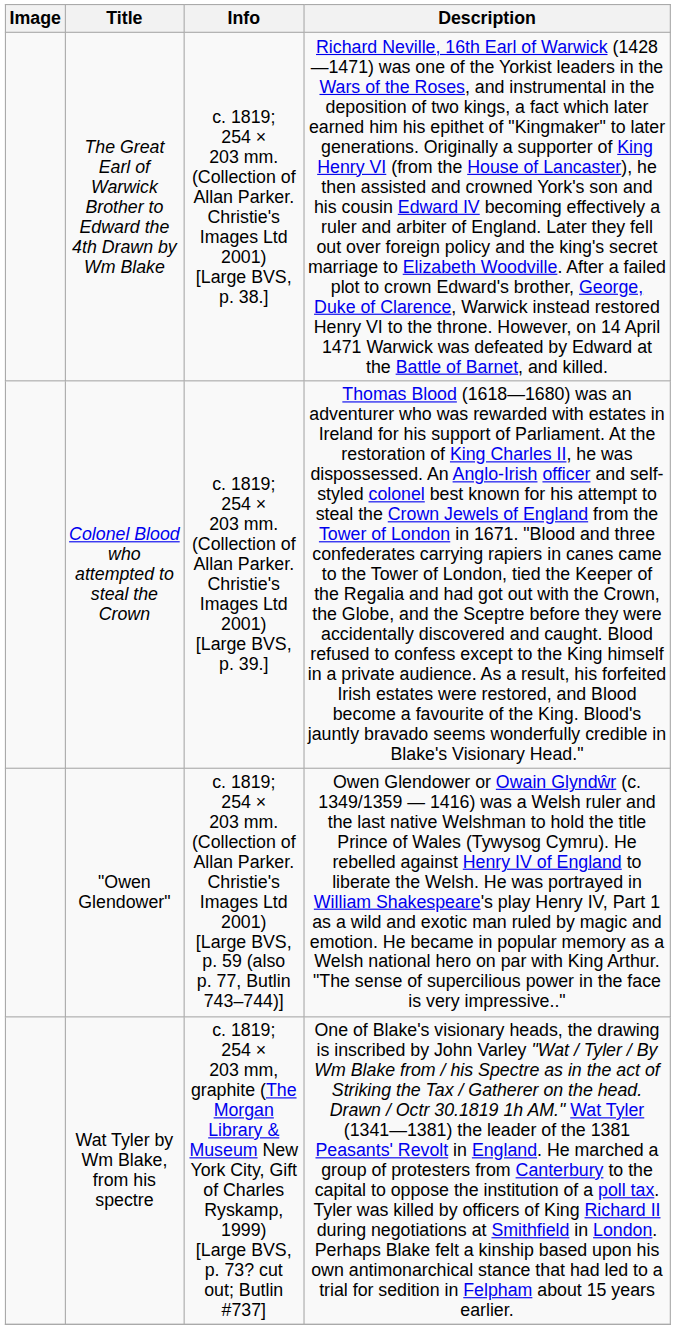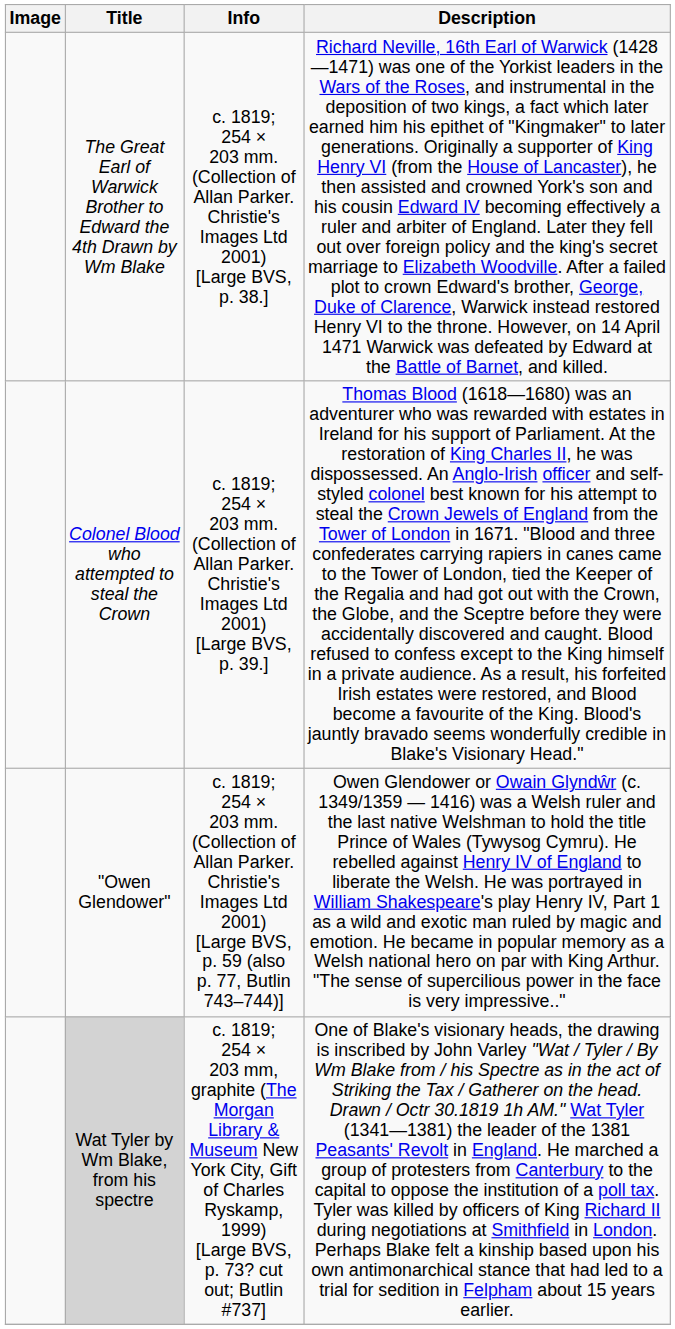 <table class="wikitable" style="margin-left:0.5em; text-align:center">
 <tr>
 <th>Image</th>
 <th>Title</th>
 <th>Info</th>
 <th>Description</th>
 </tr>
 <tr>
 <td></td>
 <td><em>The Great Earl of Warwick Brother to Edward the 4th Drawn by Wm Blake</em></td>
 <td>c. 1819; <br> 254 × 203 mm.  (Collection of Allan Parker. Christie's Images Ltd 2001)<br> [Large BVS, p. 38.]</td>
 <td><a href='#'>Richard Neville, 16th Earl of Warwick</a> (1428—1471) was one of the Yorkist leaders in the <a href='#'>Wars of the Roses</a>, and instrumental in the deposition of two kings, a fact which later earned him his epithet of "Kingmaker" to later generations. Originally a supporter of <a href='#'>King Henry VI</a> (from the <a href='#'>House of Lancaster</a>), he then assisted and crowned York's son and his cousin <a href='#'>Edward IV</a> becoming effectively a ruler and arbiter of England. Later they fell out over foreign policy and the king's secret marriage to <a href='#'>Elizabeth Woodville</a>. After a failed plot to crown Edward's brother, <a href='#'>George, Duke of Clarence</a>, Warwick instead restored Henry VI to the throne. However, on 14 April 1471 Warwick was defeated by Edward at the <a href='#'>Battle of Barnet</a>, and killed.</td>
 </tr>
 <tr>
 <td></td>
 <td><em><a href='#'>Colonel Blood</a> who attempted to steal the Crown</em></td>
 <td>c. 1819; <br> 254 × 203 mm.    (Collection of Allan Parker. Christie's Images Ltd 2001)<br> [Large BVS, p. 39.]</td>
 <td><a href='#'>Thomas Blood</a> (1618—1680) was an adventurer who was rewarded with estates in Ireland for his support of Parliament. At the restoration of <a href='#'>King Charles II</a>, he was dispossessed. An <a href='#'>Anglo-Irish</a> <a href='#'>officer</a> and self-styled <a href='#'>colonel</a> best known for his attempt to steal the <a href='#'>Crown Jewels of England</a> from the <a href='#'>Tower of London</a> in 1671. "Blood and three confederates carrying rapiers in canes came to the Tower of London, tied the Keeper of the Regalia and had got out with the Crown, the Globe, and the Sceptre before they were accidentally discovered and caught. Blood refused to confess except to the King himself in a private audience. As a result, his forfeited Irish estates were restored, and Blood become a favourite of the King. Blood's jauntly bravado seems wonderfully credible in Blake's Visionary Head."</td>
 </tr>
 <tr>
 <td></td>
 <td>"Owen Glendower"</td>
 <td>c. 1819; <br> 254 × 203 mm.  (Collection of Allan Parker. Christie's Images Ltd 2001)<br> [Large BVS, p. 59 (also p. 77, Butlin 743–744)]</td>
 <td>Owen Glendower or <a href='#'>Owain Glyndŵr</a> (c. 1349/1359 — 1416) was a Welsh ruler and the last native Welshman to hold the title Prince of Wales (Tywysog Cymru). He rebelled against <a href='#'>Henry IV of England</a> to liberate the Welsh. He was portrayed in <a href='#'>William Shakespeare</a>'s play Henry IV, Part 1 as a wild and exotic man ruled by magic and emotion. He became in popular memory as a Welsh national hero on par with King Arthur. "The sense of supercilious power in the face is very impressive.."</td>
 </tr>
 <tr>
 <td></td>
-<td>Wat Tyler by Wm Blake, from his spectre</td>
+<td style="background: lightgrey;">Wat Tyler by Wm Blake, from his spectre</td>
 <td>c. 1819; <br> 254 × 203 mm, graphite (<a href='#'>The Morgan Library & Museum</a> New York City, Gift of Charles Ryskamp, 1999)<br> [Large BVS, p. 73? cut out; Butlin #737]</td>
 <td>One of Blake's visionary heads, the drawing is inscribed by John Varley <em>"Wat / Tyler / By Wm Blake from / his Spectre as in the act of Striking the Tax / Gatherer on the head. Drawn / Octr 30.1819 1h AM."</em> <a href='#'>Wat Tyler</a> (1341—1381) the leader of the 1381 <a href='#'>Peasants' Revolt</a> in <a href='#'>England</a>. He marched a group of protesters from <a href='#'>Canterbury</a> to the capital to oppose the institution of a <a href='#'>poll tax</a>. Tyler was killed by officers of King <a href='#'>Richard II</a> during negotiations at <a href='#'>Smithfield</a> in <a href='#'>London</a>. Perhaps Blake felt a kinship based upon his own antimonarchical stance that had led to a trial for sedition in <a href='#'>Felpham</a> about 15 years earlier.</td>
 </tr>
 <tr>
 </tr>
 </table>
